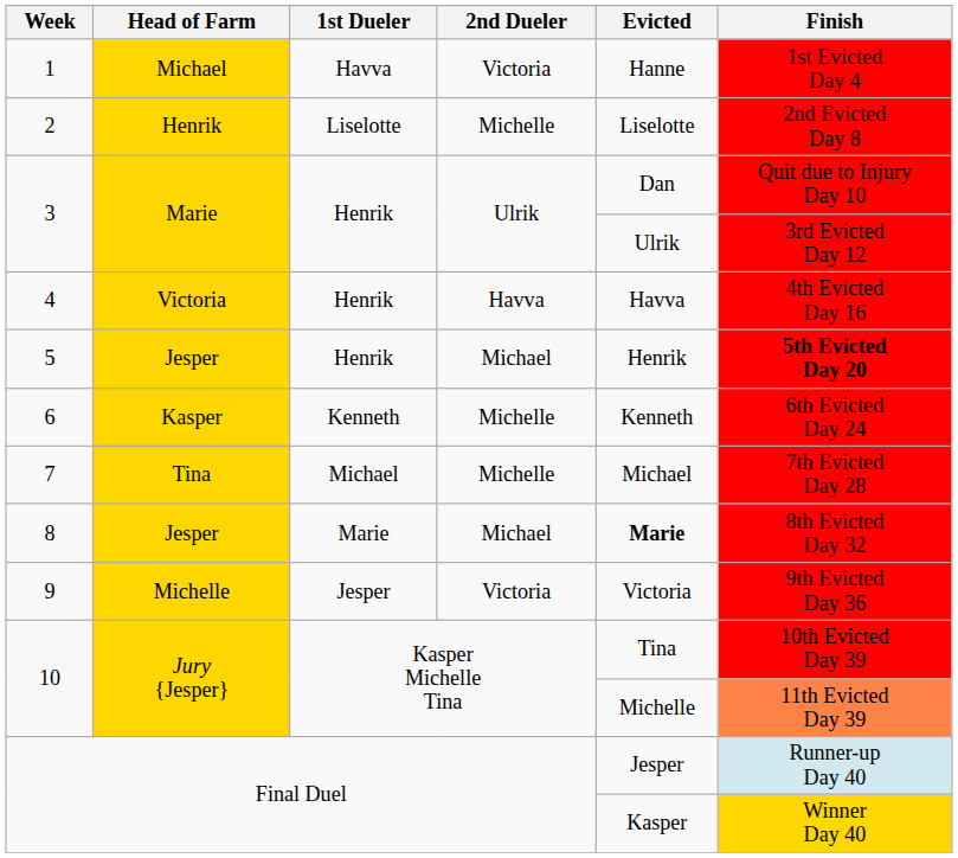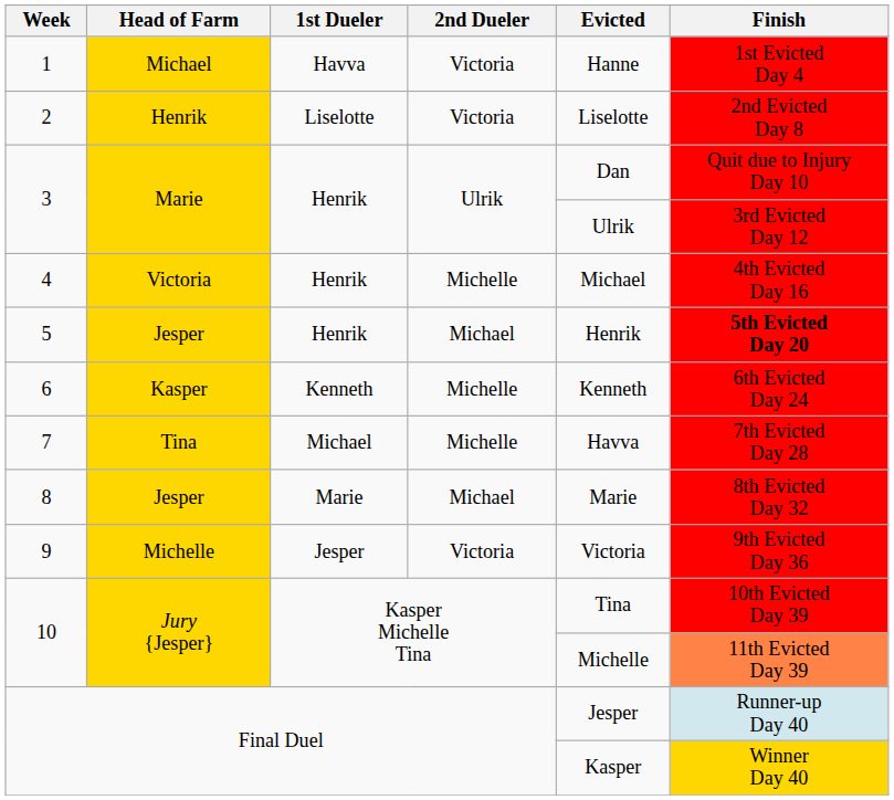 <table class="wikitable" style="font-size:100%; text-align:center; width: 80%; margin-left: auto; margin-right: auto;">
 <tr>
 <th>Week</th>
 <th>Head of Farm</th>
 <th>1st Dueler</th>
 <th>2nd Dueler</th>
 <th>Evicted</th>
 <th>Finish</th>
 </tr>
 <tr>
 <td>1</td>
 <td style="background:gold;">Michael</td>
 <td>Havva</td>
 <td>Victoria</td>
 <td>Hanne</td>
 <td style="background:#ff0000">1st Evicted<br>Day 4</td>
 </tr>
 <tr>
 <td>2</td>
 <td style="background:gold;">Henrik</td>
 <td>Liselotte</td>
-<td>Michelle</td>
+<td>Victoria</td>
 <td>Liselotte</td>
 <td style="background:#ff0000">2nd Evicted<br>Day 8</td>
 </tr>
 <tr>
 <td rowspan="2">3</td>
 <td rowspan="2" style="background:gold;">Marie</td>
 <td rowspan="2">Henrik</td>
 <td rowspan="2">Ulrik</td>
 <td rowspan="1">Dan</td>
 <td rowspan="1" style="background:#ff0000">Quit due to Injury<br>Day 10</td>
 </tr>
 <tr>
 <td rowspan="1">Ulrik</td>
 <td rowspan="1" style="background:#ff0000">3rd Evicted<br>Day 12</td>
 </tr>
 <tr>
 <td>4</td>
 <td style="background:gold;">Victoria</td>
 <td>Henrik</td>
-<td>Havva</td>
-<td>Havva</td>
+<td>Michelle</td>
+<td>Michael</td>
 <td style="background:#ff0000">4th Evicted<br>Day 16</td>
 </tr>
 <tr>
 <td>5</td>
 <td style="background:gold;">Jesper</td>
 <td>Henrik</td>
 <td>Michael</td>
 <td>Henrik</td>
 <td style="background:#ff0000"><strong>5th Evicted<br>Day 20</strong></td>
 </tr>
 <tr>
 <td>6</td>
 <td style="background:gold;">Kasper</td>
 <td>Kenneth</td>
 <td>Michelle</td>
 <td>Kenneth</td>
 <td style="background:#ff0000">6th Evicted<br>Day 24</td>
 </tr>
 <tr>
 <td>7</td>
 <td style="background:gold;">Tina</td>
 <td>Michael</td>
 <td>Michelle</td>
-<td>Michael</td>
+<td>Havva</td>
 <td style="background:#ff0000">7th Evicted<br>Day 28</td>
 </tr>
 <tr>
 <td>8</td>
 <td style="background:gold;">Jesper</td>
 <td>Marie</td>
 <td>Michael</td>
-<td><strong>Marie</strong></td>
+<td>Marie</td>
 <td style="background:#ff0000">8th Evicted<br>Day 32</td>
 </tr>
 <tr>
 <td>9</td>
 <td style="background:gold;">Michelle</td>
 <td>Jesper</td>
 <td>Victoria</td>
 <td>Victoria</td>
 <td style="background:#ff0000">9th Evicted<br>Day 36</td>
 </tr>
 <tr>
 <td rowspan="2">10</td>
 <td rowspan="2" style="background:gold;"><em>Jury</em><br>{Jesper} </td>
 <td colspan="2" rowspan="2">Kasper<br>Michelle<br>Tina</td>
 <td>Tina</td>
 <td style="background:#f00;">10th Evicted<br>Day 39</td>
 </tr>
 <tr>
 <td>Michelle</td>
 <td style="background:#FF8247;">11th Evicted<br>Day 39</td>
 </tr>
 <tr>
 <td colspan="4" rowspan="2">Final Duel</td>
 <td>Jesper</td>
 <td style="background:#D1E8EF;">Runner-up<br>Day 40</td>
 </tr>
 <tr>
 <td>Kasper</td>
 <td style="background:gold;">Winner<br>Day 40</td>
 </tr>
 </table>
